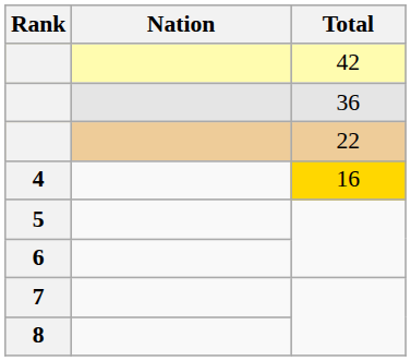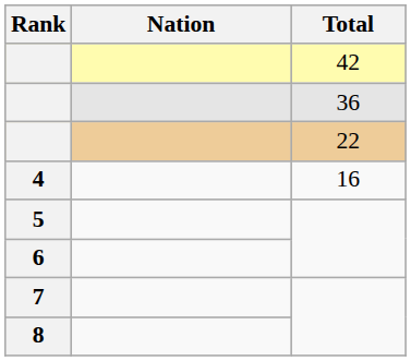 <table class="wikitable sortable" style="text-align:center; font-size:85%">
 <tr>
 <th scope="col" style="width:25px;">Rank</th>
 <th ! scope="col" style="width:120px;">Nation</th>
 <th ! scope="col" style="width:60px;">Total</th>
 </tr>
 <tr bgcolor=fffcaf>
 <th scope=row></th>
 <td align=left></td>
 <td>42</td>
 </tr>
 <tr bgcolor=e5e5e5>
 <th scope=row></th>
 <td align=left></td>
 <td>36</td>
 </tr>
 <tr bgcolor=eecc99>
 <th scope=row></th>
 <td align=left></td>
 <td>22</td>
 </tr>
 <tr>
 <th scope=row>4</th>
 <td align=left></td>
-<td style="background: gold;">16</td>
+<td>16</td>
 </tr>
 <tr>
 <th scope=row>5</th>
 <td align=left></td>
 <td rowspan=2></td>
 </tr>
 <tr>
 <th scope=row>6</th>
 <td align=left></td>
 </tr>
 <tr>
 <th scope=row>7</th>
 <td align=left></td>
 <td rowspan=2></td>
 </tr>
 <tr>
 <th scope=row>8</th>
 <td align=left></td>
 </tr>
 </table>
